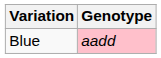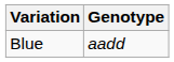 <table class="wikitable" style="margin:1em auto;">
 <tr>
 <th>Variation</th>
 <th>Genotype</th>
 </tr>
 <tr>
 <td>Blue</td>
-<td style="background: pink;"><em>aadd</em></td>
+<td><em>aadd</em></td>
 </tr>
 </table>
